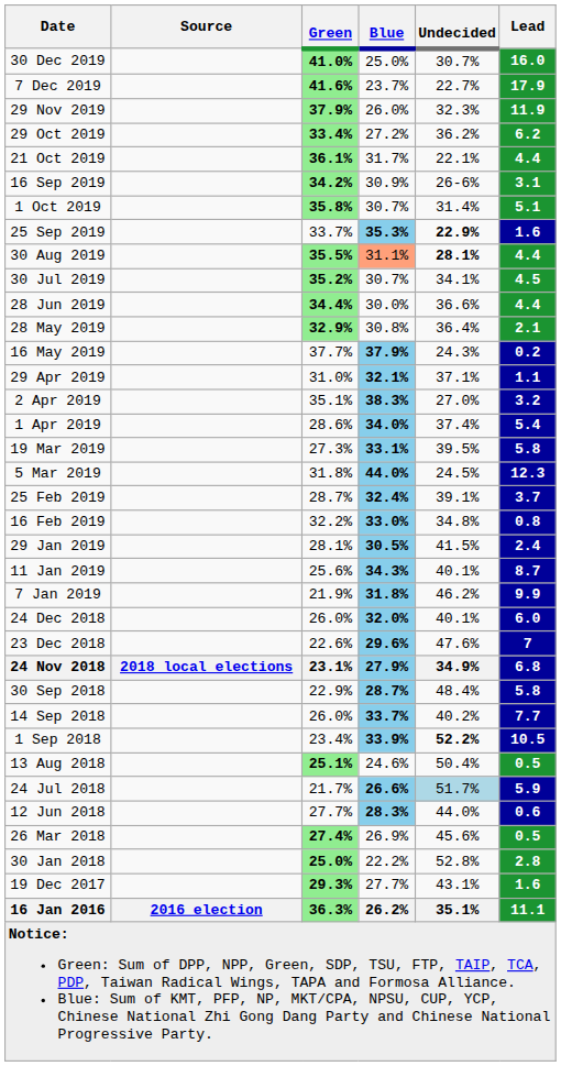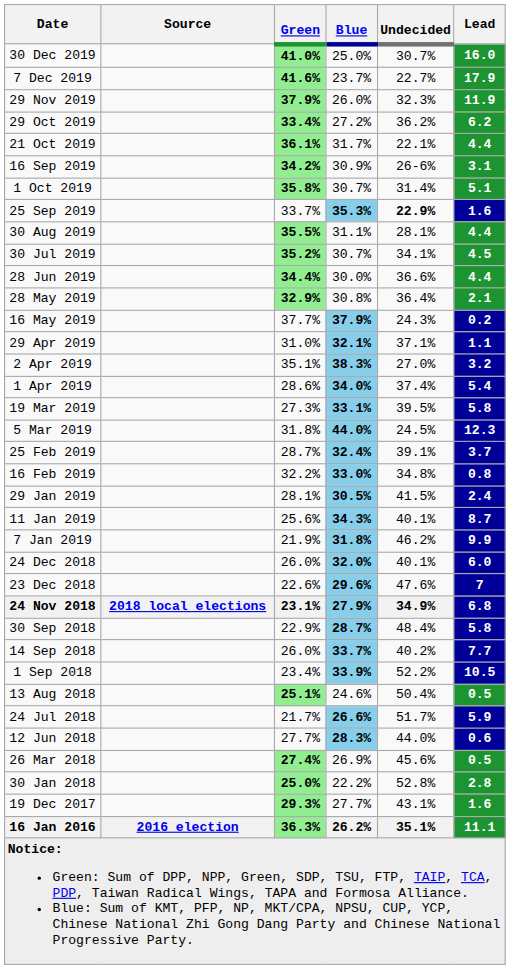 <table class="wikitable collapsible" style="text-align:center; font-size:90%; ">
 <tr>
 <th style="width:80px;">Date</th>
 <th style="width:150px;">Source</th>
 <th style="width:40px; border-bottom:4px solid #1B9431;"><br><a href='#'>Green</a></th>
 <th style="width:40px; border-bottom:4px solid #000099;"><br><a href='#'>Blue</a></th>
 <th style="width:40px; border-bottom:4px solid #707070;"><br>Undecided</th>
 <th style="width:40px;">Lead</th>
 </tr>
 <tr>
 <td>30 Dec 2019</td>
 <td></td>
 <td style="background-color:#90ED90;"><strong>41.0%</strong></td>
 <td>25.0%</td>
 <td>30.7%</td>
 <td style="background:#1B9431; color:white"><strong>16.0</strong></td>
 </tr>
 <tr>
 <td>7 Dec 2019</td>
 <td></td>
 <td style="background-color:#90ED90;"><strong>41.6%</strong></td>
 <td>23.7%</td>
 <td>22.7%</td>
 <td style="background:#1B9431; color:white"><strong>17.9</strong></td>
 </tr>
 <tr>
 <td>29 Nov 2019</td>
 <td></td>
 <td style="background-color:#90ED90;"><strong>37.9%</strong></td>
 <td>26.0%</td>
 <td>32.3%</td>
 <td style="background:#1B9431; color:white"><strong>11.9</strong></td>
 </tr>
 <tr>
 <td>29 Oct 2019</td>
 <td></td>
 <td style="background-color:#90ED90;"><strong>33.4%</strong></td>
 <td>27.2%</td>
 <td>36.2%</td>
 <td style="background:#1B9431; color:white"><strong>6.2</strong></td>
 </tr>
 <tr>
 <td>21 Oct 2019</td>
 <td></td>
 <td style="background-color:#90ED90;"><strong>36.1%</strong></td>
 <td>31.7%</td>
 <td>22.1%</td>
 <td style="background:#1B9431; color:white"><strong>4.4</strong></td>
 </tr>
 <tr>
 <td>16 Sep 2019</td>
 <td></td>
 <td style="background-color:#90ED90;"><strong>34.2%</strong></td>
 <td>30.9%</td>
 <td>26-6%</td>
 <td style="background:#1B9431; color:white"><strong>3.1</strong></td>
 </tr>
 <tr>
 <td>1 Oct 2019</td>
 <td></td>
 <td style="background-color:#90ED90;"><strong>35.8%</strong></td>
 <td>30.7%</td>
 <td>31.4%</td>
 <td style="background:#1B9431; color:white"><strong>5.1</strong></td>
 </tr>
 <tr>
 <td>25 Sep 2019</td>
 <td></td>
 <td>33.7%</td>
 <td style="background-color:skyblue;"><strong>35.3%</strong></td>
 <td><strong>22.9%</strong></td>
 <td style="background:#000099; color:white"><strong>1.6</strong></td>
 </tr>
 <tr>
 <td>30 Aug 2019</td>
 <td></td>
 <td style="background-color:#90ED90;"><strong>35.5%</strong></td>
-<td style="background: lightsalmon;">31.1%</td>
-<td><strong>28.1%</strong></td>
+<td>31.1%</td>
+<td>28.1%</td>
 <td style="background:#1B9431; color:white"><strong>4.4</strong></td>
 </tr>
 <tr>
 <td>30 Jul 2019</td>
 <td></td>
 <td style="background-color:#90ED90;"><strong>35.2%</strong></td>
 <td>30.7%</td>
 <td>34.1%</td>
 <td style="background:#1B9431; color:white"><strong>4.5</strong></td>
 </tr>
 <tr>
 <td>28 Jun 2019</td>
 <td></td>
 <td style="background-color:#90ED90;"><strong>34.4%</strong></td>
 <td>30.0%</td>
 <td>36.6%</td>
 <td style="background:#1B9431; color:white"><strong>4.4</strong></td>
 </tr>
 <tr>
 <td>28 May 2019</td>
 <td></td>
 <td style="background-color:#90ED90;"><strong>32.9%</strong></td>
 <td>30.8%</td>
 <td>36.4%</td>
 <td style="background:#1B9431; color:white"><strong>2.1</strong></td>
 </tr>
 <tr>
 <td>16 May 2019</td>
 <td></td>
 <td>37.7%</td>
 <td style="background-color:skyblue;"><strong>37.9%</strong></td>
 <td>24.3%</td>
 <td style="background:#000099; color:white"><strong>0.2</strong></td>
 </tr>
 <tr>
 <td>29 Apr 2019</td>
 <td></td>
 <td>31.0%</td>
 <td style="background-color:skyblue;"><strong>32.1%</strong></td>
 <td>37.1%</td>
 <td style="background:#000099; color:white"><strong>1.1</strong></td>
 </tr>
 <tr>
 <td>2 Apr 2019</td>
 <td></td>
 <td>35.1%</td>
 <td style="background-color:skyblue;"><strong>38.3%</strong></td>
 <td>27.0%</td>
 <td style="background:#000099; color:white"><strong>3.2</strong></td>
 </tr>
 <tr>
 <td>1 Apr 2019</td>
 <td></td>
 <td>28.6%</td>
 <td style="background-color:skyblue;"><strong>34.0%</strong></td>
 <td>37.4%</td>
 <td style="background:#000099; color:white"><strong>5.4</strong></td>
 </tr>
 <tr>
 <td>19 Mar 2019</td>
 <td></td>
 <td>27.3%</td>
 <td style="background-color:skyblue;"><strong>33.1%</strong></td>
 <td>39.5%</td>
 <td style="background:#000099; color:white"><strong>5.8</strong></td>
 </tr>
 <tr>
 <td>5 Mar 2019</td>
 <td></td>
 <td>31.8%</td>
 <td style="background-color:skyblue;"><strong>44.0%</strong></td>
 <td>24.5%</td>
 <td style="background:#000099; color:white"><strong>12.3</strong></td>
 </tr>
 <tr>
 <td>25 Feb 2019</td>
 <td></td>
 <td>28.7%</td>
 <td style="background-color:skyblue;"><strong>32.4%</strong></td>
 <td>39.1%</td>
 <td style="background:#000099; color:white"><strong>3.7</strong></td>
 </tr>
 <tr>
 <td>16 Feb 2019</td>
 <td></td>
 <td>32.2%</td>
 <td style="background-color:skyblue;"><strong>33.0%</strong></td>
 <td>34.8%</td>
 <td style="background:#000099; color:white"><strong>0.8</strong></td>
 </tr>
 <tr>
 <td>29 Jan 2019</td>
 <td></td>
 <td>28.1%</td>
 <td style="background-color:skyblue;"><strong>30.5%</strong></td>
 <td>41.5%</td>
 <td style="background:#000099; color:white"><strong>2.4</strong></td>
 </tr>
 <tr>
 <td>11 Jan 2019</td>
 <td></td>
 <td>25.6%</td>
 <td style="background-color:skyblue;"><strong>34.3%</strong></td>
 <td>40.1%</td>
 <td style="background:#000099; color:white"><strong>8.7</strong></td>
 </tr>
 <tr>
 <td>7 Jan 2019</td>
 <td></td>
 <td>21.9%</td>
 <td style="background-color:skyblue;"><strong>31.8%</strong></td>
 <td>46.2%</td>
 <td style="background:#000099; color:white"><strong>9.9</strong></td>
 </tr>
 <tr>
 <td>24 Dec 2018</td>
 <td></td>
 <td>26.0%</td>
 <td style="background-color:skyblue;"><strong>32.0%</strong></td>
 <td>40.1%</td>
 <td style="background:#000099; color:white"><strong>6.0</strong></td>
 </tr>
 <tr>
 <td>23 Dec 2018</td>
 <td></td>
 <td>22.6%</td>
 <td style="background-color:skyblue;"><strong>29.6%</strong></td>
 <td>47.6%</td>
 <td style="background:#000099; color:white"><strong>7</strong></td>
 </tr>
 <tr class=sortbottom style="background:#f2f2f2; font-weight:bold">
 <td>24 Nov 2018</td>
 <td><strong><a href='#'>2018 local elections</a></strong></td>
 <td>23.1%</td>
 <td style="background-color:skyblue;"><strong>27.9%</strong></td>
 <td>34.9%</td>
 <td style="background:#000099; color:white"><strong>6.8</strong></td>
 </tr>
 <tr>
 <td>30 Sep 2018</td>
 <td></td>
 <td>22.9%</td>
 <td style="background-color:skyblue;"><strong>28.7%</strong></td>
 <td>48.4%</td>
 <td style="background:#000099; color:white"><strong>5.8</strong></td>
 </tr>
 <tr>
 <td>14 Sep 2018</td>
 <td></td>
 <td>26.0%</td>
 <td style="background-color:skyblue;"><strong>33.7%</strong></td>
 <td>40.2%</td>
 <td style="background:#000099; color:white"><strong>7.7</strong></td>
 </tr>
 <tr>
 <td>1 Sep 2018</td>
 <td></td>
 <td>23.4%</td>
 <td style="background-color:skyblue;"><strong>33.9%</strong></td>
-<td><strong>52.2%</strong></td>
+<td>52.2%</td>
 <td style="background:#000099; color:white"><strong>10.5</strong></td>
 </tr>
 <tr>
 <td>13 Aug 2018</td>
 <td></td>
 <td style="background-color:#90ED90;"><strong>25.1%</strong></td>
 <td>24.6%</td>
 <td>50.4%</td>
 <td style="background:#1B9431; color:white"><strong>0.5</strong></td>
 </tr>
 <tr>
 <td>24 Jul 2018</td>
 <td></td>
 <td>21.7%</td>
 <td style="background-color:skyblue;"><strong>26.6%</strong></td>
-<td style="background: lightblue;">51.7%</td>
+<td>51.7%</td>
 <td style="background:#000099; color:white"><strong>5.9</strong></td>
 </tr>
 <tr>
 <td>12 Jun 2018</td>
 <td></td>
 <td>27.7%</td>
 <td style="background-color:skyblue;"><strong>28.3%</strong></td>
 <td>44.0%</td>
 <td style="background:#000099; color:white"><strong>0.6</strong></td>
 </tr>
 <tr>
 <td>26 Mar 2018</td>
 <td></td>
 <td style="background-color:#90ED90;"><strong>27.4%</strong></td>
 <td>26.9%</td>
 <td>45.6%</td>
 <td style="background:#1B9431; color:white"><strong>0.5</strong></td>
 </tr>
 <tr>
 <td>30 Jan 2018</td>
 <td></td>
 <td style="background-color:#90ED90;"><strong>25.0%</strong></td>
 <td>22.2%</td>
 <td>52.8%</td>
 <td style="background:#1B9431; color:white"><strong>2.8</strong></td>
 </tr>
 <tr>
 <td>19 Dec 2017</td>
 <td></td>
 <td style="background-color:#90ED90;"><strong>29.3%</strong></td>
 <td>27.7%</td>
 <td>43.1%</td>
 <td style="background:#1B9431; color:white"><strong>1.6</strong></td>
 </tr>
 <tr class=sortbottom style="background:#f2f2f2; font-weight:bold">
 <td>16 Jan 2016</td>
 <td><a href='#'>2016 election</a></td>
 <td style="background-color:#90ED90;"><strong>36.3%</strong></td>
 <td>26.2%</td>
 <td>35.1%</td>
 <td style="background:#1B9431; color:white"><strong>11.1</strong></td>
 </tr>
 <tr>
 <td align="left" colspan="18" style="background-color:#EEEEEE;"><strong>Notice:</strong><br><ul><li>Green: Sum of DPP, NPP, Green, SDP, TSU, FTP, <a href='#'>TAIP</a>, <a href='#'>TCA</a>, <a href='#'>PDP</a>, Taiwan Radical Wings, TAPA and Formosa Alliance.</li><li>Blue: Sum of KMT, PFP, NP, MKT/CPA, NPSU, CUP, YCP, Chinese National Zhi Gong Dang Party and Chinese National Progressive Party.</li></ul></td>
 </tr>
 </table>
